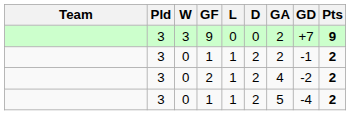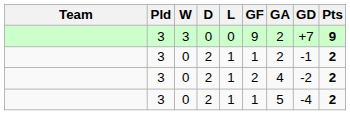 <table class="wikitable" style="text-align: center;">
 <tr>
 <th width="165">Team</th>
 <th width="20">Pld</th>
 <th width="20">W</th>
+<th width="20">D</th>
+<th width="20">L</th>
 <th width="20">GF</th>
-<th width="20">L</th>
-<th width="20">D</th>
 <th width="20">GA</th>
 <th width="20">GD</th>
 <th width="20">Pts</th>
 </tr>
 <tr bgcolor="#ccffcc">
 <td align="left"></td>
 <td>3</td>
 <td>3</td>
-<td>9</td>
 <td>0</td>
 <td>0</td>
+<td>9</td>
 <td>2</td>
 <td>+7</td>
 <td><strong>9</strong></td>
 </tr>
 <tr>
 <td align="left"></td>
 <td>3</td>
 <td>0</td>
+<td>2</td>
 <td>1</td>
 <td>1</td>
-<td>2</td>
 <td>2</td>
 <td>-1</td>
 <td><strong>2</strong></td>
 </tr>
 <tr>
 <td align="left"></td>
 <td>3</td>
 <td>0</td>
 <td>2</td>
 <td>1</td>
 <td>2</td>
 <td>4</td>
 <td>-2</td>
 <td><strong>2</strong></td>
 </tr>
 <tr>
 <td align="left"></td>
 <td>3</td>
 <td>0</td>
+<td>2</td>
 <td>1</td>
 <td>1</td>
-<td>2</td>
 <td>5</td>
 <td>-4</td>
 <td><strong>2</strong></td>
 </tr>
 </table>
